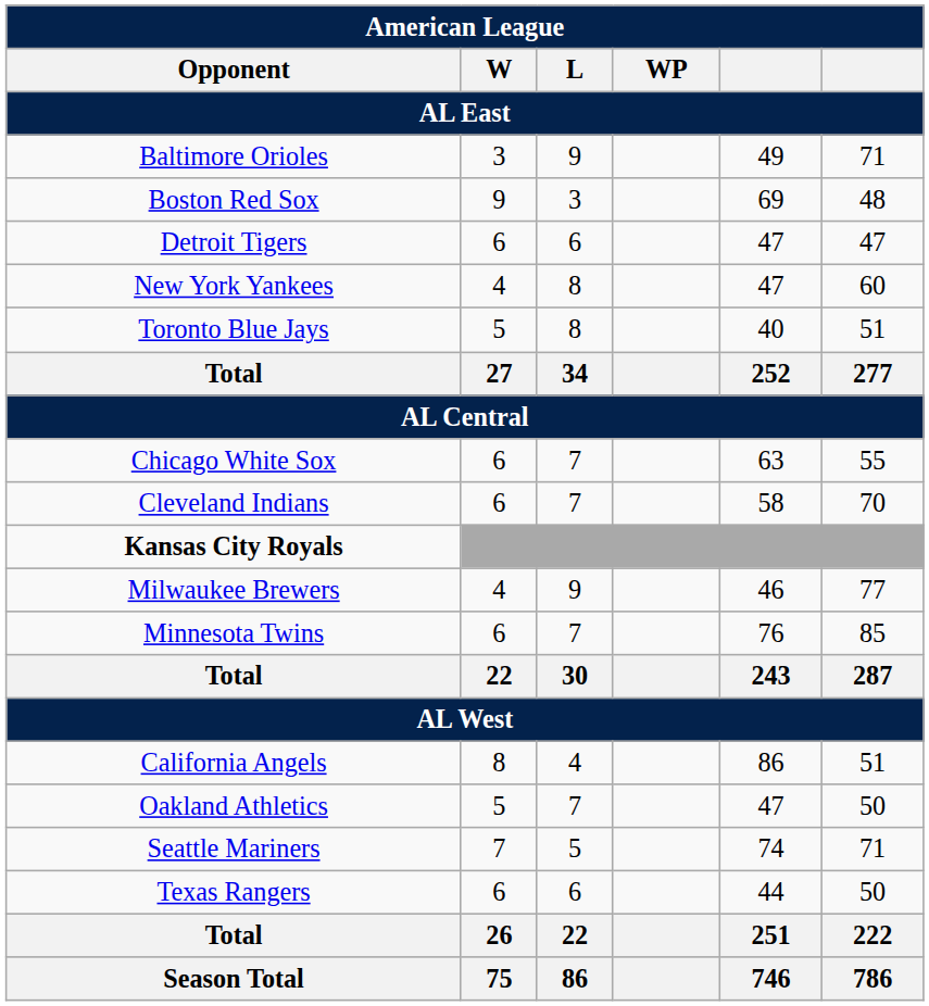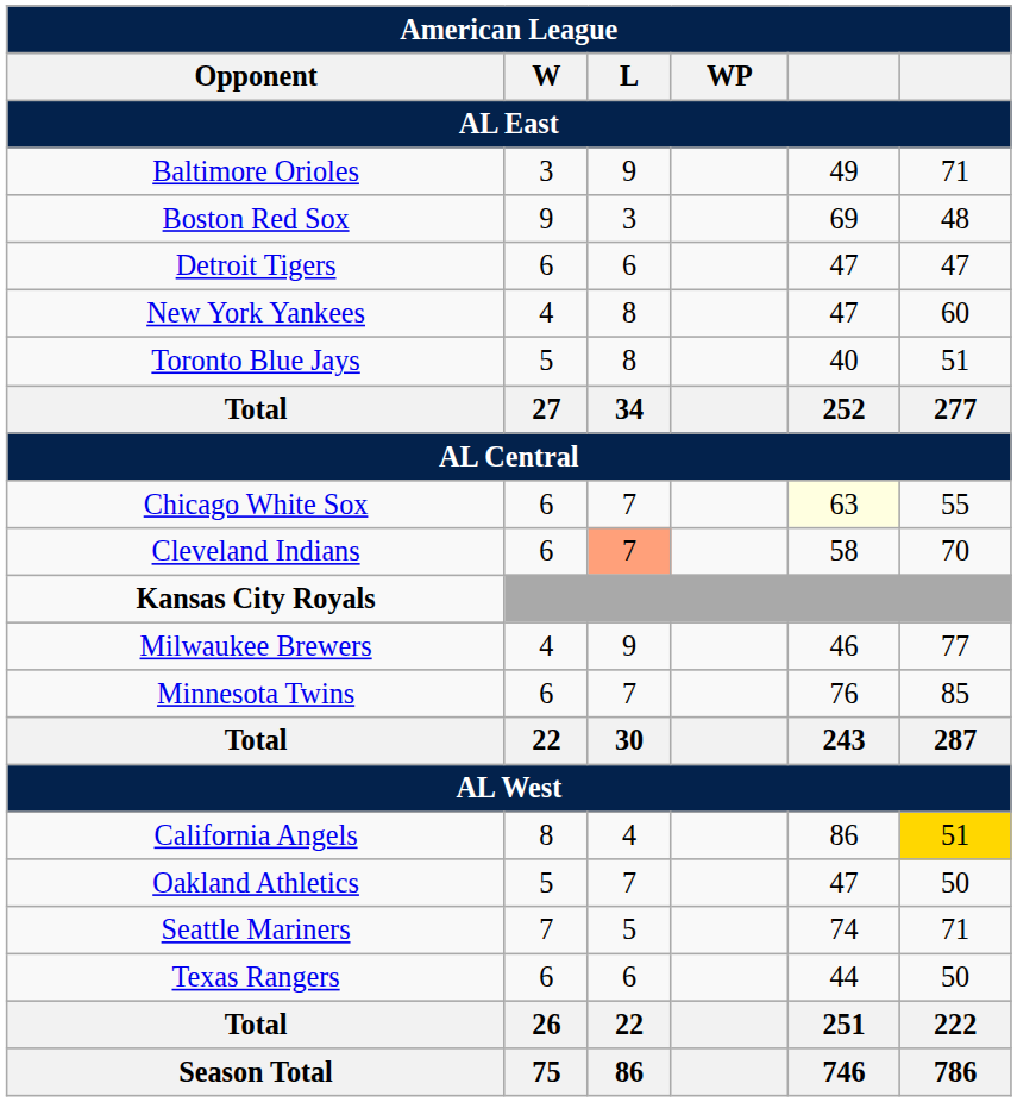 <table class="wikitable" style="font-size:95%; text-align:center; width:35em;margin: 0.5em auto;">
 <tr>
 <th colspan="7" style="background:#03224c; color:#ffffff;">American League</th>
 </tr>
 <tr>
 <th>Opponent</th>
 <th>W</th>
 <th>L</th>
 <th>WP</th>
 <th></th>
 <th></th>
 </tr>
 <tr>
 <th colspan="7" style="background:#03224c; color:#ffffff;">AL East</th>
 </tr>
 <tr>
 <td><a href='#'>Baltimore Orioles</a></td>
 <td>3</td>
 <td>9</td>
 <td></td>
 <td>49</td>
 <td>71</td>
 </tr>
 <tr>
 <td><a href='#'>Boston Red Sox</a></td>
 <td>9</td>
 <td>3</td>
 <td></td>
 <td>69</td>
 <td>48</td>
 </tr>
 <tr>
 <td><a href='#'>Detroit Tigers</a></td>
 <td>6</td>
 <td>6</td>
 <td></td>
 <td>47</td>
 <td>47</td>
 </tr>
 <tr>
 <td><a href='#'>New York Yankees</a></td>
 <td>4</td>
 <td>8</td>
 <td></td>
 <td>47</td>
 <td>60</td>
 </tr>
 <tr>
 <td><a href='#'>Toronto Blue Jays</a></td>
 <td>5</td>
 <td>8</td>
 <td></td>
 <td>40</td>
 <td>51</td>
 </tr>
 <tr>
 <th>Total</th>
 <th>27</th>
 <th>34</th>
 <th></th>
 <th>252</th>
 <th>277</th>
 </tr>
 <tr>
 <th colspan="7" style="background:#03224c; color:#ffffff;">AL Central</th>
 </tr>
 <tr>
 <td><a href='#'>Chicago White Sox</a></td>
 <td>6</td>
 <td>7</td>
 <td></td>
-<td>63</td>
+<td style="background: lightyellow;">63</td>
 <td>55</td>
 </tr>
 <tr>
 <td><a href='#'>Cleveland Indians</a></td>
 <td>6</td>
-<td>7</td>
+<td style="background: lightsalmon;">7</td>
 <td></td>
 <td>58</td>
 <td>70</td>
 </tr>
 <tr>
 <td><strong>Kansas City Royals</strong></td>
 <td colspan=5 style="background:darkgray;"></td>
 </tr>
 <tr>
 <td><a href='#'>Milwaukee Brewers</a></td>
 <td>4</td>
 <td>9</td>
 <td></td>
 <td>46</td>
 <td>77</td>
 </tr>
 <tr>
 <td><a href='#'>Minnesota Twins</a></td>
 <td>6</td>
 <td>7</td>
 <td></td>
 <td>76</td>
 <td>85</td>
 </tr>
 <tr>
 <th>Total</th>
 <th>22</th>
 <th>30</th>
 <th></th>
 <th>243</th>
 <th>287</th>
 </tr>
 <tr>
 <th colspan="7" style="background:#03224c; color:#ffffff;">AL West</th>
 </tr>
 <tr>
 <td><a href='#'>California Angels</a></td>
 <td>8</td>
 <td>4</td>
 <td></td>
 <td>86</td>
-<td>51</td>
+<td style="background: gold;">51</td>
 </tr>
 <tr>
 <td><a href='#'>Oakland Athletics</a></td>
 <td>5</td>
 <td>7</td>
 <td></td>
 <td>47</td>
 <td>50</td>
 </tr>
 <tr>
 <td><a href='#'>Seattle Mariners</a></td>
 <td>7</td>
 <td>5</td>
 <td></td>
 <td>74</td>
 <td>71</td>
 </tr>
 <tr>
 <td><a href='#'>Texas Rangers</a></td>
 <td>6</td>
 <td>6</td>
 <td></td>
 <td>44</td>
 <td>50</td>
 </tr>
 <tr>
 <th>Total</th>
 <th>26</th>
 <th>22</th>
 <th></th>
 <th>251</th>
 <th>222</th>
 </tr>
 <tr>
 <th>Season Total</th>
 <th>75</th>
 <th>86</th>
 <th></th>
 <th>746</th>
 <th>786</th>
 </tr>
 </table>
